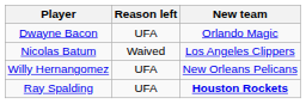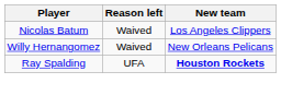 <table class="wikitable sortable sortable" style="text-align: center">
 <tr>
 <th>Player</th>
 <th>Reason left</th>
 <th>New team</th>
-</tr>
-<tr style="text-align: center">
-<td><a href='#'>Dwayne Bacon</a></td>
-<td>UFA</td>
-<td><a href='#'>Orlando Magic</a></td>
 </tr>
 <tr style="text-align: center">
 <td><a href='#'>Nicolas Batum</a></td>
 <td>Waived</td>
 <td><a href='#'>Los Angeles Clippers</a></td>
 </tr>
 <tr style="text-align: center">
 <td><a href='#'>Willy Hernangomez</a></td>
-<td>UFA</td>
+<td>Waived</td>
 <td><a href='#'>New Orleans Pelicans</a></td>
 </tr>
 <tr style="text-align: center">
 <td><a href='#'>Ray Spalding</a></td>
 <td>UFA</td>
 <td><strong><a href='#'>Houston Rockets</a></strong></td>
 </tr>
 </table>
